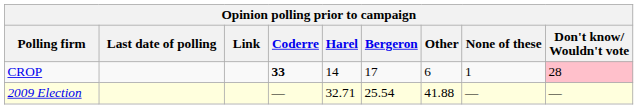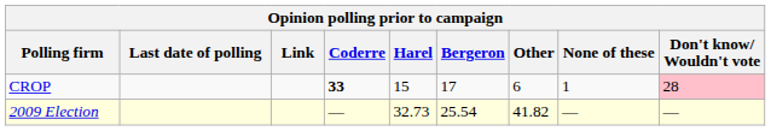 <table class="wikitable collapsible sortable collapsed">
 <tr style="background:#e9e9e9;">
 <th width=750px, colspan="11">Opinion polling prior to campaign</th>
 </tr>
 <tr style="background:#e9e9e9;">
 <th width=15%>Polling firm</th>
 <th width=20%>Last date of polling</th>
 <th style="width:7%;" class="unsortable">Link</th>
 <th style="background-color:"><strong><a href='#'>Coderre</a></strong></th>
 <th style="background-color:"><strong><a href='#'>Harel</a></strong></th>
 <th style="background-color:"><strong><a href='#'><span>Bergeron</span></a></strong></th>
 <th style="background-color:"><strong>Other</strong></th>
 <th align="center">None of these</th>
 <th align="center">Don't know/<br>Wouldn't vote</th>
 </tr>
 <tr>
 <td><a href='#'>CROP</a></td>
 <td></td>
 <td></td>
 <td><strong>33</strong></td>
-<td>14</td>
+<td>15</td>
 <td>17</td>
 <td>6</td>
 <td>1</td>
 <td style="background: pink;">28</td>
 </tr>
 <tr>
 <td style="background:#ffd;"><em><a href='#'>2009 Election</a></em></td>
 <td style="background:#ffd;"></td>
 <td style="background:#ffd;"></td>
 <td style="background:#ffd;">—</td>
-<td style="background:#ffd;">32.71</td>
+<td style="background:#ffd;">32.73</td>
 <td style="background:#ffd;">25.54</td>
-<td style="background:#ffd;">41.88</td>
+<td style="background:#ffd;">41.82</td>
 <td style="background:#ffd;">—</td>
 <td style="background:#ffd;">—</td>
 </tr>
 </table>
